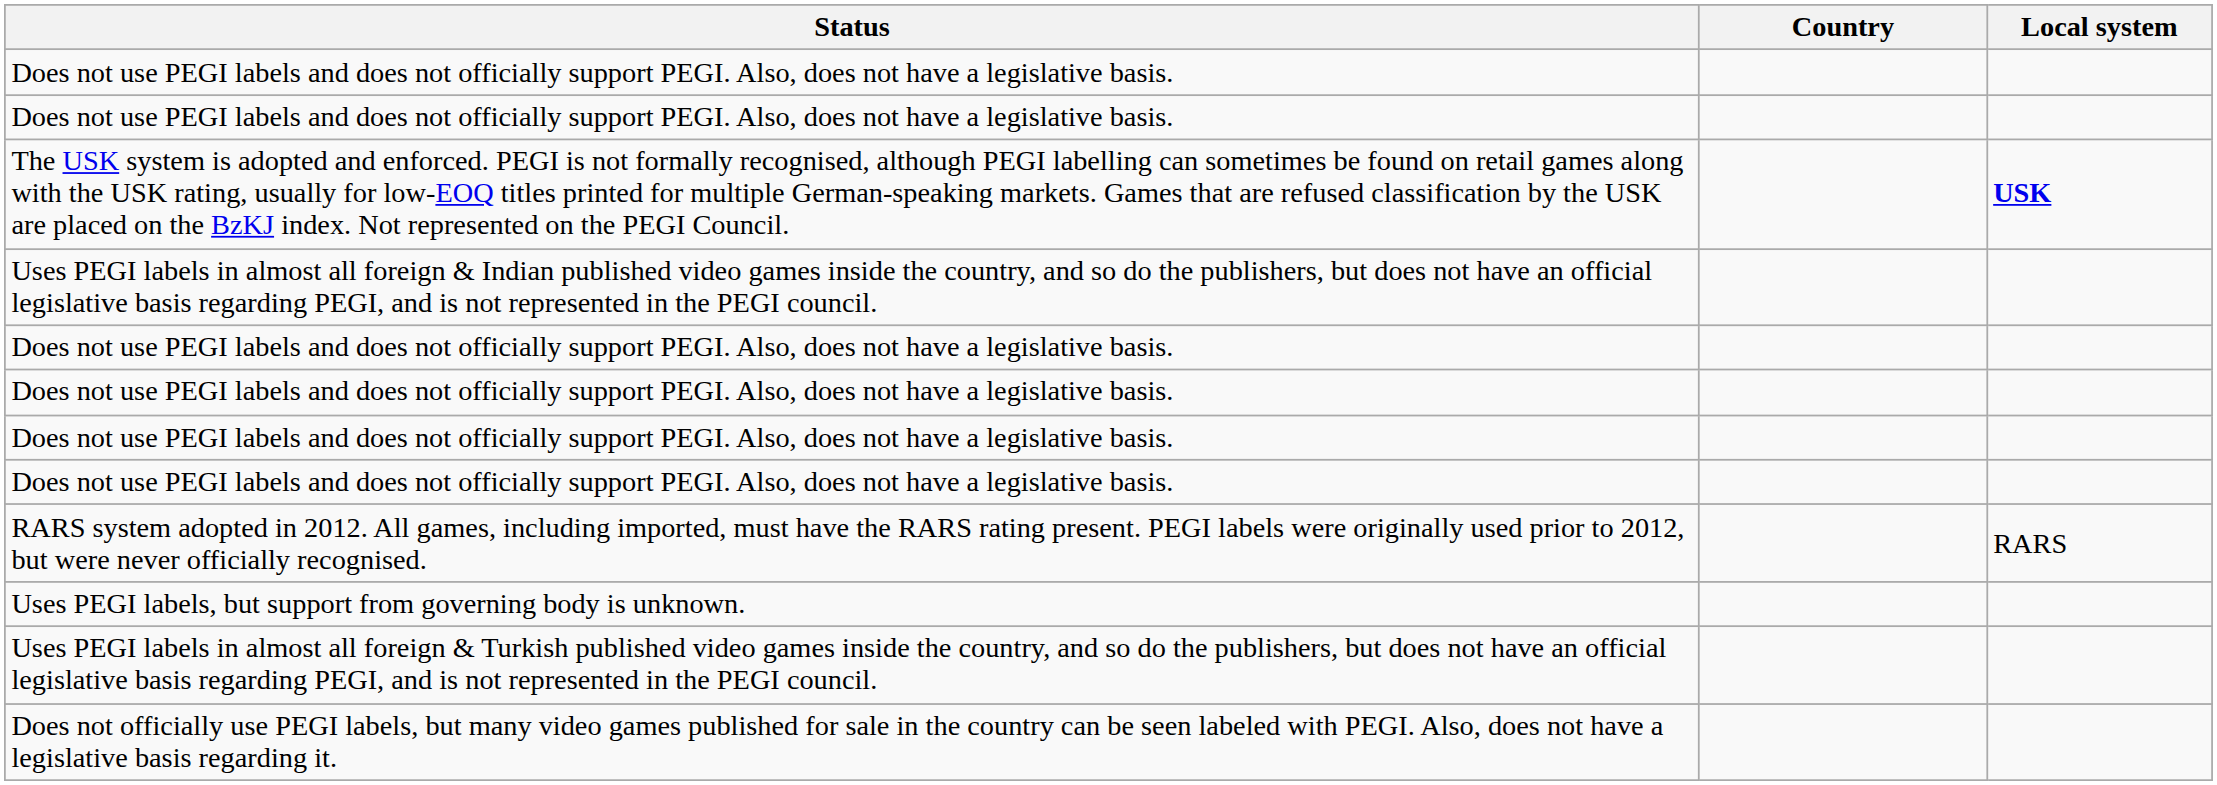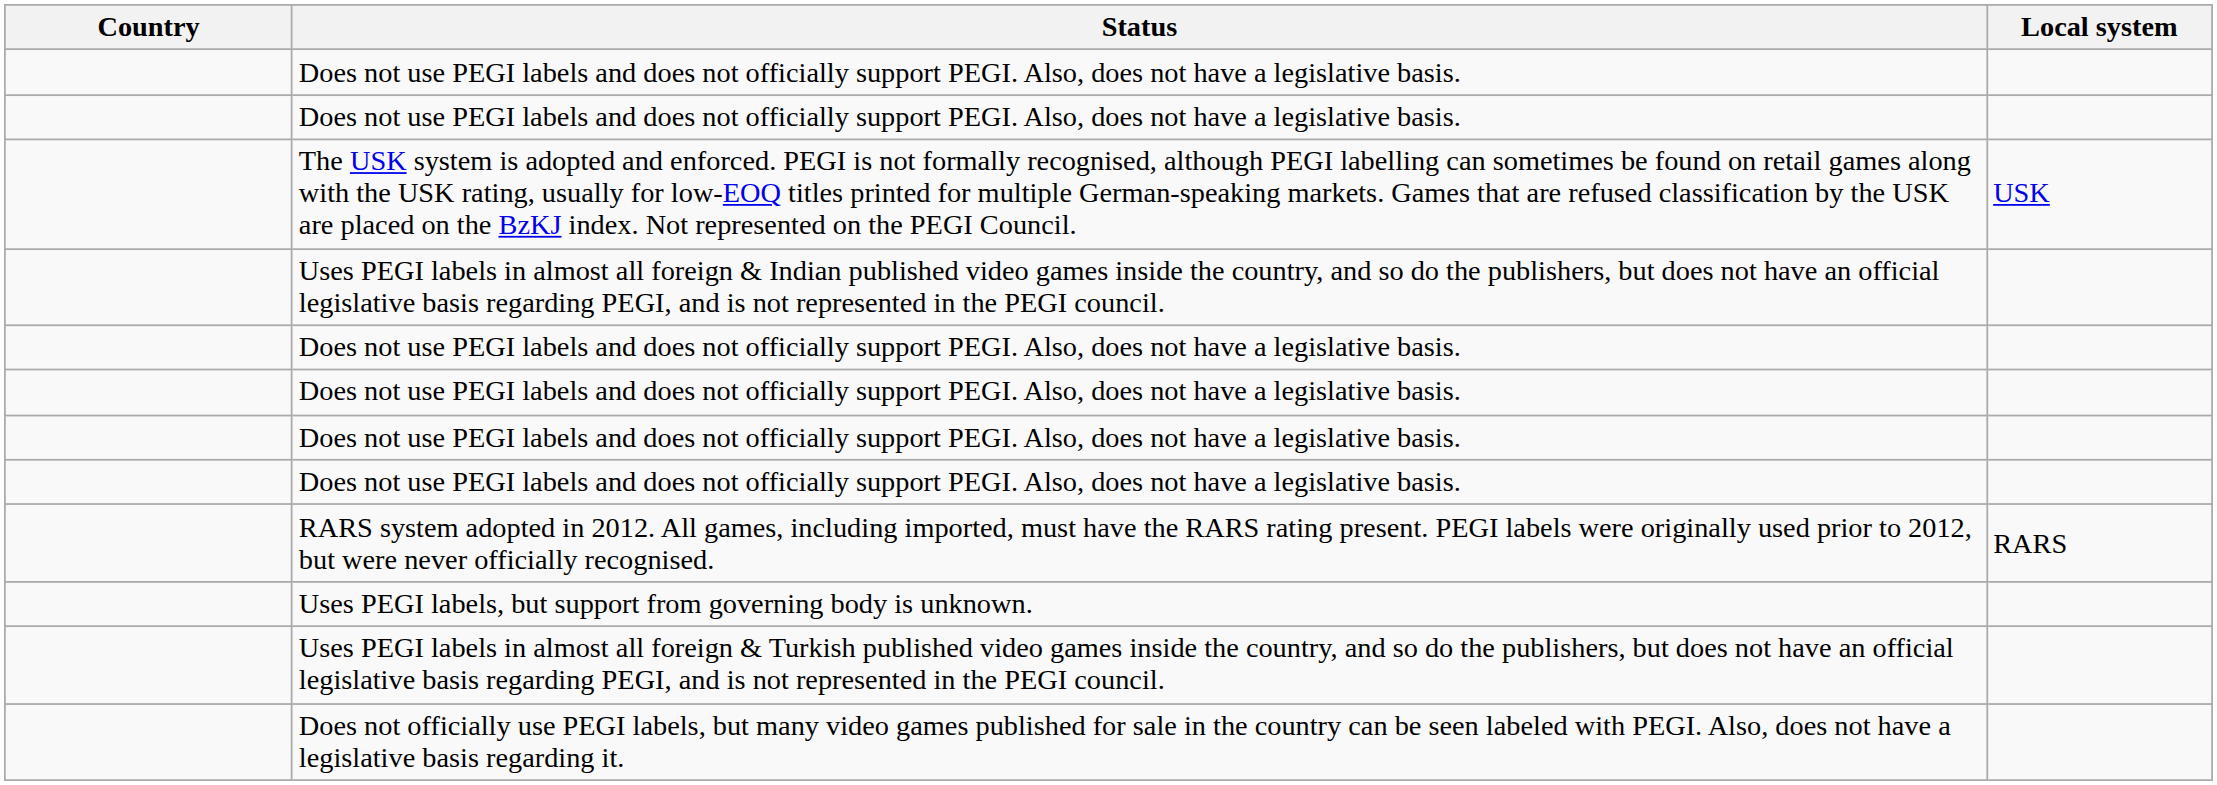 <table class="wikitable">
 <tr>
+<th style="width: 155px;">Country</th>
 <th>Status</th>
-<th style="width: 155px;">Country</th>
 <th style="width: 120px;">Local system</th>
 </tr>
 <tr>
+<td></td>
 <td>Does not use PEGI labels and does not officially support PEGI. Also, does not have a legislative basis.</td>
-<td></td>
 <td></td>
 </tr>
 <tr>
+<td></td>
 <td>Does not use PEGI labels and does not officially support PEGI. Also, does not have a legislative basis.</td>
-<td></td>
 <td></td>
 </tr>
 <tr>
+<td></td>
 <td>The <a href='#'>USK</a> system is adopted and enforced. PEGI is not formally recognised, although PEGI labelling can sometimes be found on retail games along with the USK rating, usually for low-<a href='#'>EOQ</a> titles printed for multiple German-speaking markets. Games that are refused classification by the USK are placed on the <a href='#'>BzKJ</a> index. Not represented on the PEGI Council.</td>
-<td></td>
-<td><strong><a href='#'>USK</a></strong></td>
+<td><a href='#'>USK</a></td>
 </tr>
 <tr>
+<td></td>
 <td>Uses PEGI labels in almost all foreign & Indian published video games inside the country, and so do the publishers, but does not have an official legislative basis regarding PEGI, and is not represented in the PEGI council.</td>
-<td></td>
 <td></td>
 </tr>
 <tr>
+<td></td>
 <td>Does not use PEGI labels and does not officially support PEGI. Also, does not have a legislative basis.</td>
-<td></td>
 <td></td>
 </tr>
 <tr>
+<td></td>
 <td>Does not use PEGI labels and does not officially support PEGI. Also, does not have a legislative basis.</td>
-<td></td>
 <td></td>
 </tr>
 <tr>
+<td></td>
 <td>Does not use PEGI labels and does not officially support PEGI. Also, does not have a legislative basis.</td>
-<td></td>
 <td></td>
 </tr>
 <tr>
+<td></td>
 <td>Does not use PEGI labels and does not officially support PEGI. Also, does not have a legislative basis.</td>
-<td></td>
 <td></td>
 </tr>
 <tr>
+<td></td>
 <td>RARS system adopted in 2012. All games, including imported, must have the RARS rating present. PEGI labels were originally used prior to 2012, but were never officially recognised.</td>
-<td></td>
 <td>RARS</td>
 </tr>
 <tr>
+<td></td>
 <td>Uses PEGI labels, but support from governing body is unknown.</td>
-<td></td>
 <td></td>
 </tr>
 <tr>
+<td></td>
 <td>Uses PEGI labels in almost all foreign & Turkish published video games inside the country, and so do the publishers, but does not have an official legislative basis regarding PEGI, and is not represented in the PEGI council.</td>
-<td></td>
 <td></td>
 </tr>
 <tr>
+<td></td>
 <td>Does not officially use PEGI labels, but many video games published for sale in the country can be seen labeled with PEGI. Also, does not have a legislative basis regarding it.</td>
-<td></td>
 <td></td>
 </tr>
 </table>
